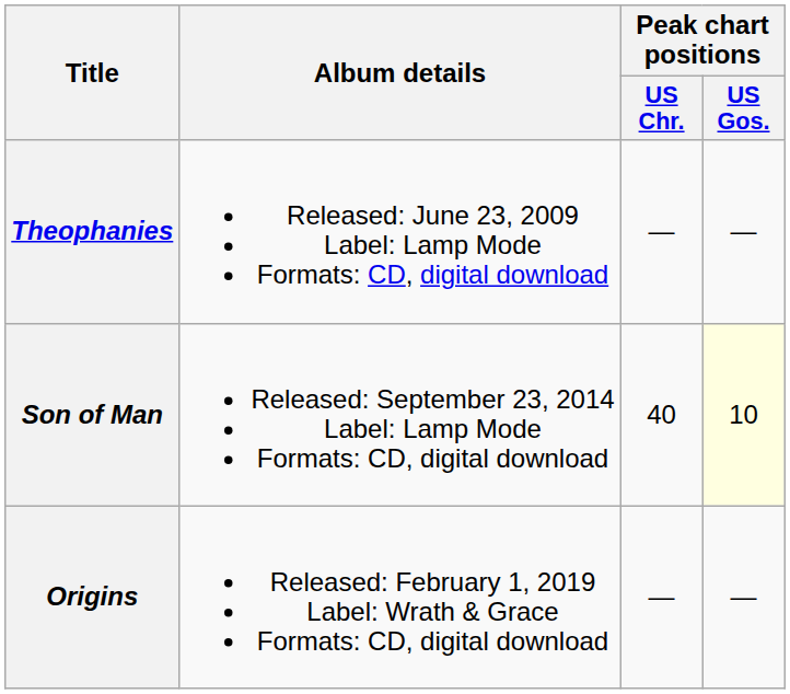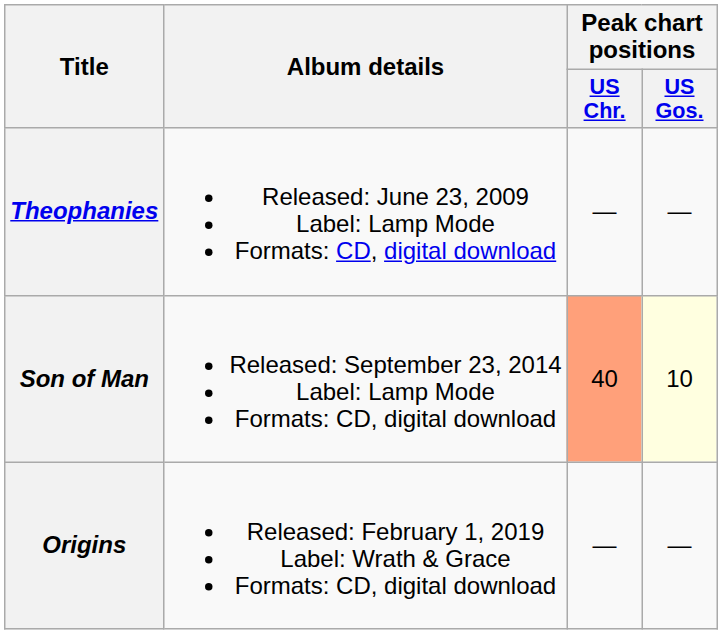 <table class="wikitable plainrowheaders" style="text-align:center;">
 <tr>
 <th scope="col" rowspan="2">Title</th>
 <th scope="col" rowspan="2">Album details</th>
 <th scope="col" colspan="2">Peak chart positions</th>
 </tr>
 <tr>
 <th style="width:3em; font-size:90%"><a href='#'>US<br>Chr.</a><br></th>
 <th style="width:3em; font-size:90%"><a href='#'>US<br>Gos.</a><br></th>
 </tr>
 <tr>
 <th scope="row"><em><a href='#'>Theophanies</a></em></th>
 <td><br><ul><li>Released: June 23, 2009</li><li>Label: Lamp Mode</li><li>Formats: <a href='#'>CD</a>, <a href='#'>digital download</a></li></ul></td>
 <td>—</td>
 <td>—</td>
 </tr>
 <tr>
 <th scope="row"><em>Son of Man</em></th>
 <td><br><ul><li>Released: September 23, 2014</li><li>Label: Lamp Mode</li><li>Formats: CD, digital download</li></ul></td>
-<td>40</td>
+<td style="background: lightsalmon;">40</td>
 <td style="background: lightyellow;">10</td>
 </tr>
 <tr>
 <th scope="row"><em>Origins</em></th>
 <td><br><ul><li>Released: February 1, 2019</li><li>Label: Wrath & Grace</li><li>Formats: CD, digital download</li></ul></td>
 <td>—</td>
 <td>—</td>
 </tr>
 </table>
